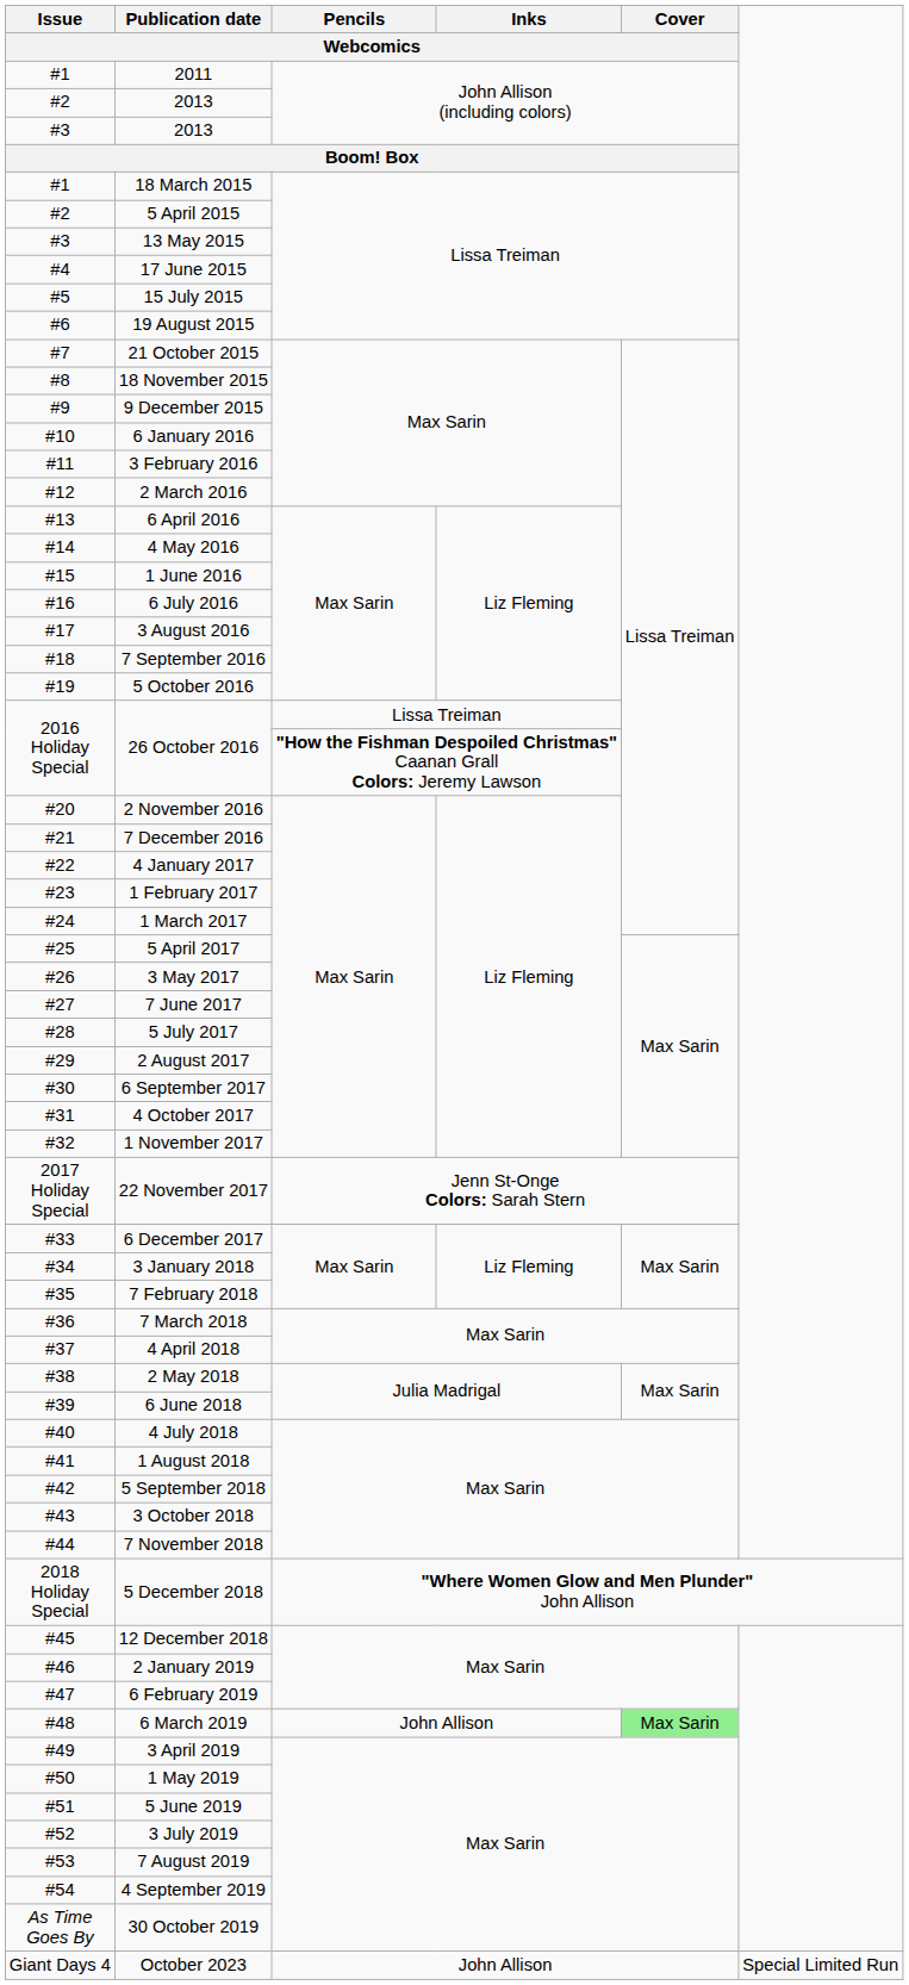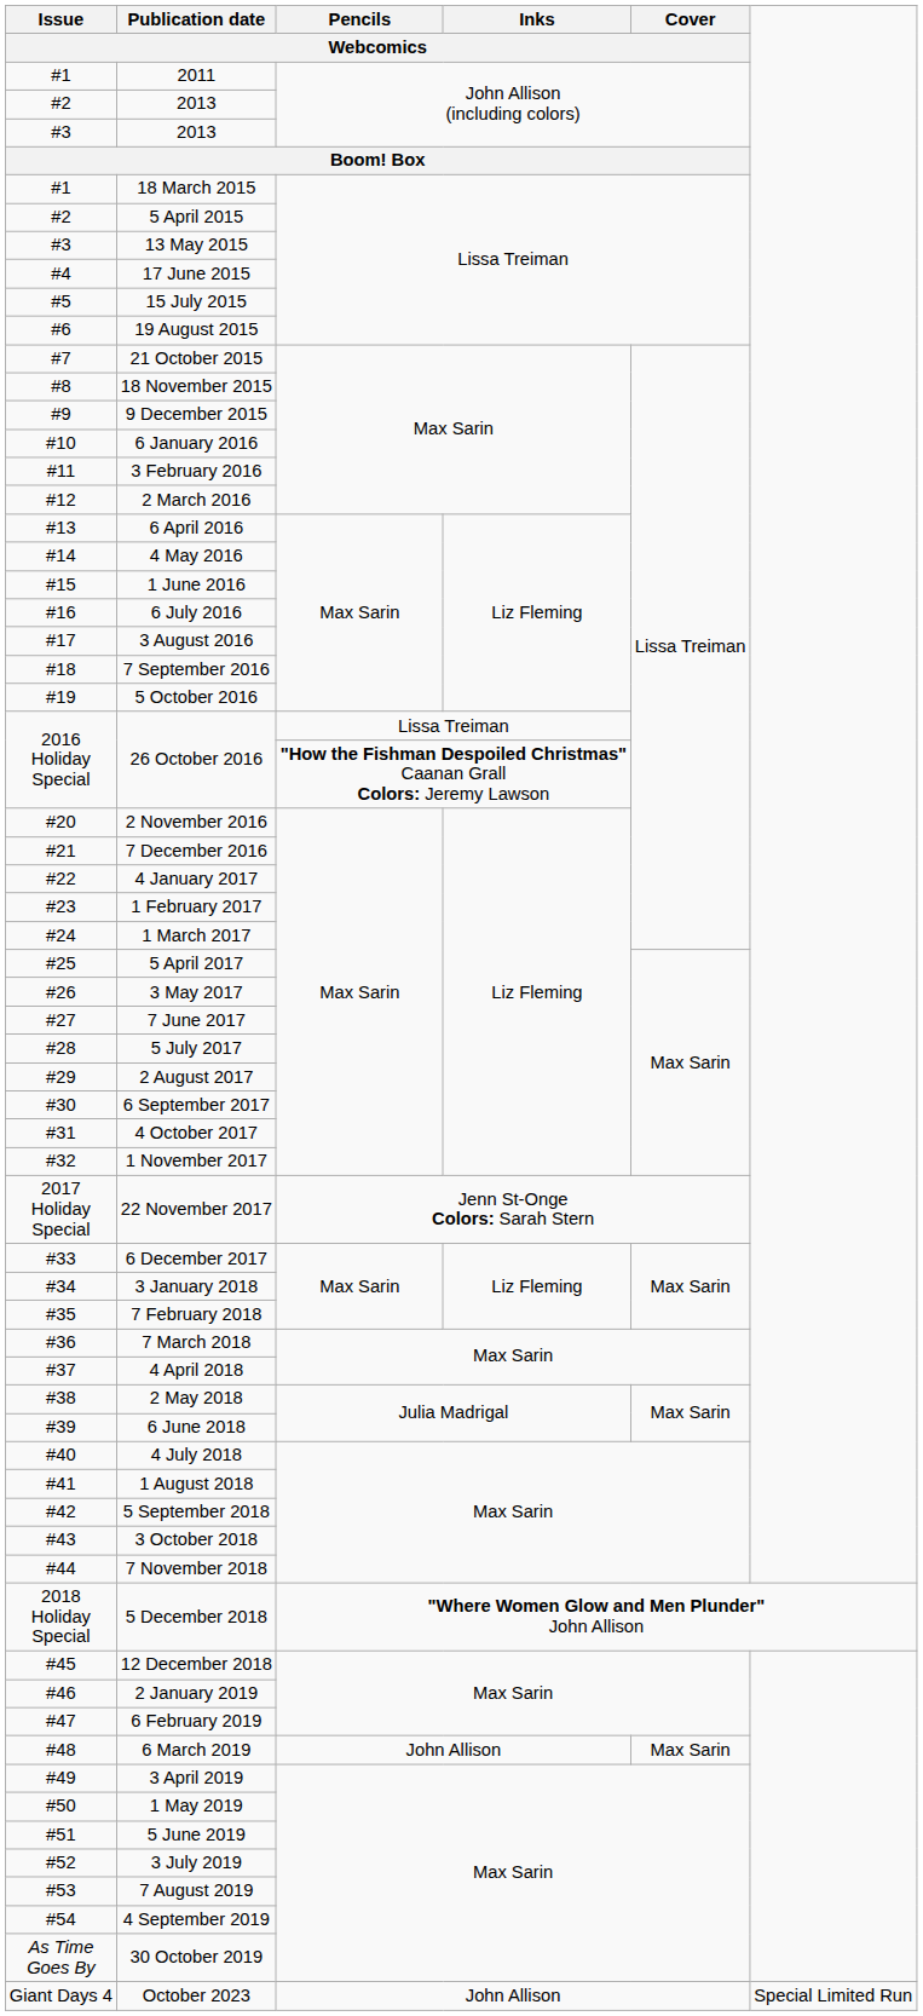 <table class="wikitable" style="text-align: center">
 <tr>
 <th>Issue</th>
 <th>Publication date</th>
 <th>Pencils</th>
 <th>Inks</th>
 <th>Cover</th>
 </tr>
 <tr>
 <th colspan=5><span>Webcomics</span></th>
 </tr>
 <tr>
 <td>#1</td>
 <td>2011</td>
 <td colspan=3 rowspan=3>John Allison<br><span>(including colors)</span></td>
 </tr>
 <tr>
 <td>#2</td>
 <td>2013</td>
 </tr>
 <tr>
 <td>#3</td>
 <td>2013</td>
 </tr>
 <tr>
 <th colspan=5><span>Boom! Box</span></th>
 </tr>
 <tr>
 <td>#1</td>
 <td>18 March 2015</td>
 <td colspan=3 rowspan=6>Lissa Treiman</td>
 </tr>
 <tr>
 <td>#2</td>
 <td>5 April 2015</td>
 </tr>
 <tr>
 <td>#3</td>
 <td>13 May 2015</td>
 </tr>
 <tr>
 <td>#4</td>
 <td>17 June 2015</td>
 </tr>
 <tr>
 <td>#5</td>
 <td>15 July 2015</td>
 </tr>
 <tr>
 <td>#6</td>
 <td>19 August 2015</td>
 </tr>
 <tr>
 <td>#7</td>
 <td>21 October 2015</td>
 <td colspan=2 rowspan=6>Max Sarin</td>
 <td rowspan=20>Lissa Treiman</td>
 </tr>
 <tr>
 <td>#8</td>
 <td>18 November 2015</td>
 </tr>
 <tr>
 <td>#9</td>
 <td>9 December 2015</td>
 </tr>
 <tr>
 <td>#10</td>
 <td>6 January 2016</td>
 </tr>
 <tr>
 <td>#11</td>
 <td>3 February 2016</td>
 </tr>
 <tr>
 <td>#12</td>
 <td>2 March 2016</td>
 </tr>
 <tr>
 <td>#13</td>
 <td>6 April 2016</td>
 <td rowspan=7>Max Sarin</td>
 <td rowspan=7>Liz Fleming</td>
 </tr>
 <tr>
 <td>#14</td>
 <td>4 May 2016</td>
 </tr>
 <tr>
 <td>#15</td>
 <td>1 June 2016</td>
 </tr>
 <tr>
 <td>#16</td>
 <td>6 July 2016</td>
 </tr>
 <tr>
 <td>#17</td>
 <td>3 August 2016</td>
 </tr>
 <tr>
 <td>#18</td>
 <td>7 September 2016</td>
 </tr>
 <tr>
 <td>#19</td>
 <td>5 October 2016</td>
 </tr>
 <tr>
 <td rowspan=2>2016<br>Holiday<br>Special</td>
 <td rowspan=2>26 October 2016</td>
 <td colspan=2>Lissa Treiman</td>
 </tr>
 <tr>
 <td colspan=2><span><strong>"How the Fishman Despoiled Christmas"</strong></span><br>Caanan Grall<br><span><strong>Colors:</strong> Jeremy Lawson</span></td>
 </tr>
 <tr>
 <td>#20</td>
 <td>2 November 2016</td>
 <td rowspan=13>Max Sarin</td>
 <td rowspan=13>Liz Fleming</td>
 </tr>
 <tr>
 <td>#21</td>
 <td>7 December 2016</td>
 </tr>
 <tr>
 <td>#22</td>
 <td>4 January 2017</td>
 </tr>
 <tr>
 <td>#23</td>
 <td>1 February 2017</td>
 </tr>
 <tr>
 <td>#24</td>
 <td>1 March 2017</td>
 </tr>
 <tr>
 <td>#25</td>
 <td>5 April 2017</td>
 <td rowspan=8>Max Sarin</td>
 </tr>
 <tr>
 <td>#26</td>
 <td>3 May 2017</td>
 </tr>
 <tr>
 <td>#27</td>
 <td>7 June 2017</td>
 </tr>
 <tr>
 <td>#28</td>
 <td>5 July 2017</td>
 </tr>
 <tr>
 <td>#29</td>
 <td>2 August 2017</td>
 </tr>
 <tr>
 <td>#30</td>
 <td>6 September 2017</td>
 </tr>
 <tr>
 <td>#31</td>
 <td>4 October 2017</td>
 </tr>
 <tr>
 <td>#32</td>
 <td>1 November 2017</td>
 </tr>
 <tr>
 <td>2017<br>Holiday<br>Special</td>
 <td>22 November 2017</td>
 <td colspan=3>Jenn St-Onge<br><span><strong>Colors:</strong> Sarah Stern</span></td>
 </tr>
 <tr>
 <td>#33</td>
 <td>6 December 2017</td>
 <td rowspan=3>Max Sarin</td>
 <td rowspan=3>Liz Fleming</td>
 <td rowspan=3>Max Sarin</td>
 </tr>
 <tr>
 <td>#34</td>
 <td>3 January 2018</td>
 </tr>
 <tr>
 <td>#35</td>
 <td>7 February 2018</td>
 </tr>
 <tr>
 <td>#36</td>
 <td>7 March 2018</td>
 <td rowspan=2 colspan=3>Max Sarin</td>
 </tr>
 <tr>
 <td>#37</td>
 <td>4 April 2018</td>
 </tr>
 <tr>
 <td>#38</td>
 <td>2 May 2018</td>
 <td rowspan=2 colspan=2>Julia Madrigal</td>
 <td rowspan=2>Max Sarin</td>
 </tr>
 <tr>
 <td>#39</td>
 <td>6 June 2018</td>
 </tr>
 <tr>
 <td>#40</td>
 <td>4 July 2018</td>
 <td rowspan=5 colspan=3>Max Sarin</td>
 </tr>
 <tr>
 <td>#41</td>
 <td>1 August 2018</td>
 </tr>
 <tr>
 <td>#42</td>
 <td>5 September 2018</td>
 </tr>
 <tr>
 <td>#43</td>
 <td>3 October 2018</td>
 </tr>
 <tr>
 <td>#44</td>
 <td>7 November 2018</td>
 </tr>
 <tr>
 <td>2018<br>Holiday<br>Special</td>
 <td>5 December 2018</td>
 <td colspan=4><span><strong>"Where Women Glow and Men Plunder"</strong></span><br>John Allison</td>
 </tr>
 <tr>
 <td>#45</td>
 <td>12 December 2018</td>
 <td rowspan=3 colspan=3>Max Sarin</td>
 </tr>
 <tr>
 <td>#46</td>
 <td>2 January 2019</td>
 </tr>
 <tr>
 <td>#47</td>
 <td>6 February 2019</td>
 </tr>
 <tr>
 <td>#48</td>
 <td>6 March 2019</td>
 <td colspan=2>John Allison</td>
-<td style="background: lightgreen;">Max Sarin</td>
+<td>Max Sarin</td>
 </tr>
 <tr>
 <td>#49</td>
 <td>3 April 2019</td>
 <td rowspan=7 colspan=3>Max Sarin</td>
 </tr>
 <tr>
 <td>#50</td>
 <td>1 May 2019</td>
 </tr>
 <tr>
 <td>#51</td>
 <td>5 June 2019</td>
 </tr>
 <tr>
 <td>#52</td>
 <td>3 July 2019</td>
 </tr>
 <tr>
 <td>#53</td>
 <td>7 August 2019</td>
 </tr>
 <tr>
 <td>#54</td>
 <td>4 September 2019</td>
 </tr>
 <tr>
 <td><em>As Time<br>Goes By</em></td>
 <td>30 October 2019</td>
 </tr>
 <tr>
 <td>Giant Days 4</td>
 <td>October 2023</td>
 <td colspan="3">John Allison</td>
 <td>Special Limited Run</td>
 </tr>
 </table>
